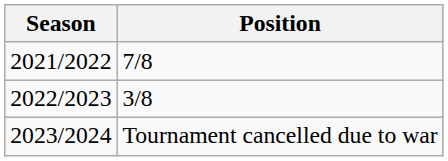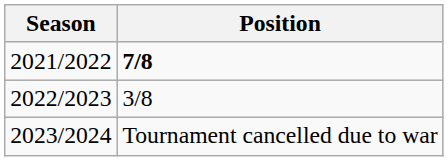 <table class="wikitable">
 <tr>
 <th>Season</th>
 <th>Position</th>
 </tr>
 <tr>
 <td>2021/2022</td>
-<td>7/8</td>
+<td><strong>7/8</strong></td>
 </tr>
 <tr>
 <td>2022/2023</td>
 <td>3/8</td>
 </tr>
 <tr>
 <td>2023/2024</td>
 <td>Tournament cancelled due to war</td>
 </tr>
 </table>
